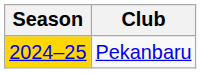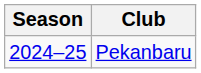 <table class="wikitable">
 <tr>
 <th>Season</th>
 <th>Club</th>
 </tr>
 <tr>
-<td align=center style="background: gold;"><a href='#'>2024–25</a></td>
+<td align=center><a href='#'>2024–25</a></td>
 <td><a href='#'>Pekanbaru</a></td>
 </tr>
 </table>
